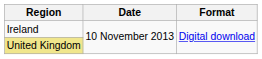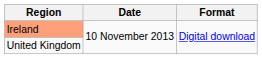 <table class="wikitable plainrowheaders">
 <tr>
 <th>Region</th>
 <th>Date</th>
 <th>Format</th>
 </tr>
 <tr>
-<td>Ireland</td>
+<td style="background: lightsalmon;">Ireland</td>
 <td rowspan="2">10 November 2013</td>
 <td rowspan="2"><a href='#'>Digital download</a></td>
 </tr>
 <tr>
-<td style="background: khaki;">United Kingdom</td>
+<td>United Kingdom</td>
 </tr>
 </table>
